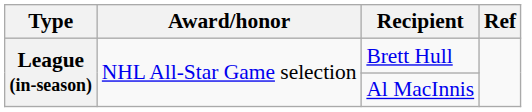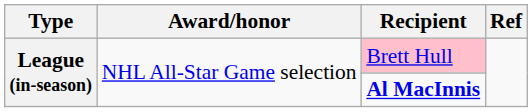 <table class="wikitable">
 <tr>
 <th scope="col">Type</th>
 <th scope="col">Award/honor</th>
 <th scope="col">Recipient</th>
 <th scope="col">Ref</th>
 </tr>
 <tr>
 <th scope="row" rowspan=2>League<br><small>(in-season)</small></th>
 <td rowspan=2><a href='#'>NHL All-Star Game</a> selection</td>
-<td><a href='#'>Brett Hull</a></td>
+<td style="background: pink;"><a href='#'>Brett Hull</a></td>
 <td rowspan=2></td>
 </tr>
 <tr>
-<td><a href='#'>Al MacInnis</a></td>
+<td><strong><a href='#'>Al MacInnis</a></strong></td>
 </tr>
 </table>
